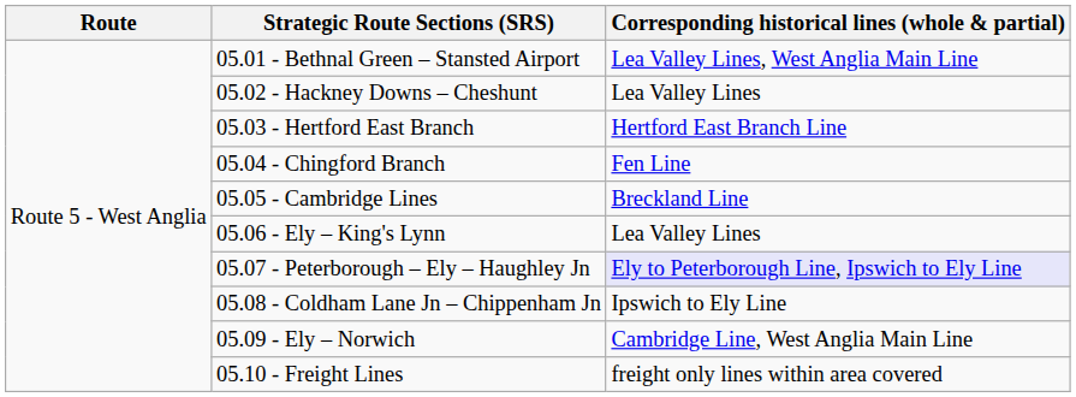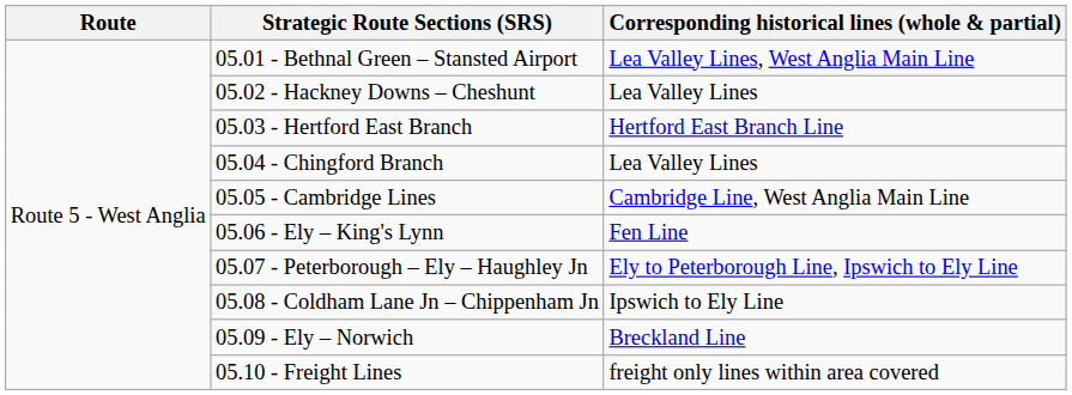 <table class="wikitable">
 <tr>
 <th>Route</th>
 <th>Strategic Route Sections (SRS)</th>
 <th>Corresponding historical lines (whole & partial)</th>
 </tr>
 <tr>
 <td rowspan="10">Route 5 - West Anglia</td>
 <td>05.01 - Bethnal Green – Stansted Airport</td>
 <td><a href='#'>Lea Valley Lines</a>, <a href='#'>West Anglia Main Line</a></td>
 </tr>
 <tr>
 <td>05.02 - Hackney Downs – Cheshunt</td>
 <td>Lea Valley Lines</td>
 </tr>
 <tr>
 <td>05.03 - Hertford East Branch</td>
 <td><a href='#'>Hertford East Branch Line</a></td>
 </tr>
 <tr>
 <td>05.04 - Chingford Branch</td>
+<td>Lea Valley Lines</td>
+</tr>
+<tr>
+<td>05.05 - Cambridge Lines</td>
+<td><a href='#'>Cambridge Line</a>, West Anglia Main Line</td>
+</tr>
+<tr>
+<td>05.06 - Ely – King's Lynn</td>
 <td><a href='#'>Fen Line</a></td>
 </tr>
 <tr>
-<td>05.05 - Cambridge Lines</td>
-<td><a href='#'>Breckland Line</a></td>
-</tr>
-<tr>
-<td>05.06 - Ely – King's Lynn</td>
-<td>Lea Valley Lines</td>
-</tr>
-<tr>
 <td>05.07 - Peterborough – Ely – Haughley Jn</td>
-<td style="background: lavender;"><a href='#'>Ely to Peterborough Line</a>, <a href='#'>Ipswich to Ely Line</a></td>
+<td><a href='#'>Ely to Peterborough Line</a>, <a href='#'>Ipswich to Ely Line</a></td>
 </tr>
 <tr>
 <td>05.08 - Coldham Lane Jn – Chippenham Jn</td>
 <td>Ipswich to Ely Line</td>
 </tr>
 <tr>
 <td>05.09 - Ely – Norwich</td>
-<td><a href='#'>Cambridge Line</a>, West Anglia Main Line</td>
+<td><a href='#'>Breckland Line</a></td>
 </tr>
 <tr>
 <td>05.10 - Freight Lines</td>
 <td>freight only lines within area covered</td>
 </tr>
 </table>
